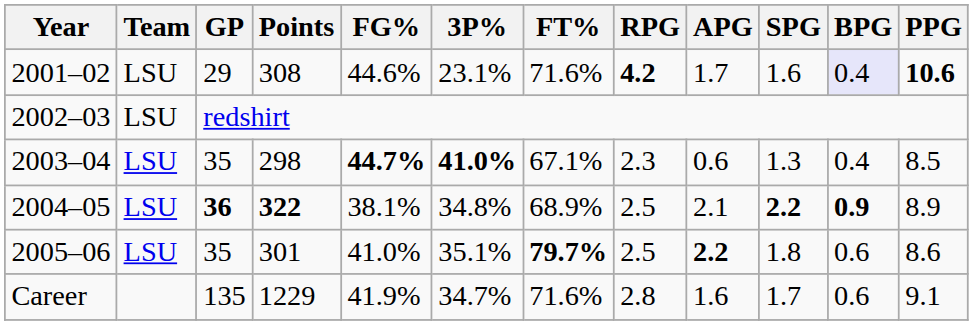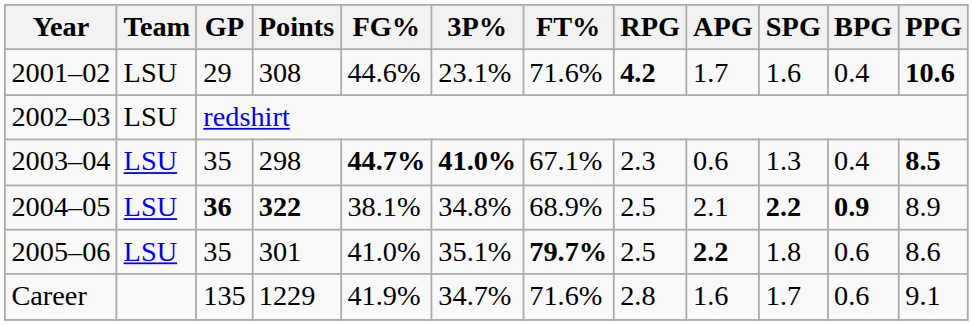 <table class="wikitable">
 <tr>
 <th>Year</th>
 <th>Team</th>
 <th>GP</th>
 <th>Points</th>
 <th>FG%</th>
 <th>3P%</th>
 <th>FT%</th>
 <th>RPG</th>
 <th>APG</th>
 <th>SPG</th>
 <th>BPG</th>
 <th>PPG</th>
 </tr>
 <tr>
 <td>2001–02</td>
 <td>LSU</td>
 <td>29</td>
 <td>308</td>
 <td>44.6%</td>
 <td>23.1%</td>
 <td>71.6%</td>
 <td><strong>4.2</strong></td>
 <td>1.7</td>
 <td>1.6</td>
-<td style="background: lavender;">0.4</td>
+<td>0.4</td>
 <td><strong>10.6</strong></td>
 </tr>
 <tr>
 <td>2002–03</td>
 <td>LSU</td>
 <td colspan="10"><a href='#'>redshirt</a></td>
 </tr>
 <tr>
 <td>2003–04</td>
 <td><a href='#'>LSU</a></td>
 <td>35</td>
 <td>298</td>
 <td><strong>44.7%</strong></td>
 <td><strong>41.0%</strong></td>
 <td>67.1%</td>
 <td>2.3</td>
 <td>0.6</td>
 <td>1.3</td>
 <td>0.4</td>
-<td>8.5</td>
+<td><strong>8.5</strong></td>
 </tr>
 <tr>
 <td>2004–05</td>
 <td><a href='#'>LSU</a></td>
 <td><strong>36</strong></td>
 <td><strong>322</strong></td>
 <td>38.1%</td>
 <td>34.8%</td>
 <td>68.9%</td>
 <td>2.5</td>
 <td>2.1</td>
 <td><strong>2.2</strong></td>
 <td><strong>0.9</strong></td>
 <td>8.9</td>
 </tr>
 <tr>
 <td>2005–06</td>
 <td><a href='#'>LSU</a></td>
 <td>35</td>
 <td>301</td>
 <td>41.0%</td>
 <td>35.1%</td>
 <td><strong>79.7%</strong></td>
 <td>2.5</td>
 <td><strong>2.2</strong></td>
 <td>1.8</td>
 <td>0.6</td>
 <td>8.6</td>
 </tr>
 <tr>
 <td>Career</td>
 <td></td>
 <td>135</td>
 <td>1229</td>
 <td>41.9%</td>
 <td>34.7%</td>
 <td>71.6%</td>
 <td>2.8</td>
 <td>1.6</td>
 <td>1.7</td>
 <td>0.6</td>
 <td>9.1</td>
 </tr>
 </table>
